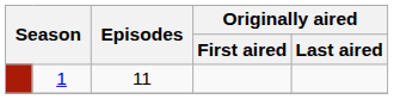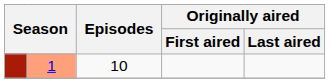 <table class="wikitable" style="text-align: center;">
 <tr>
 <th style="padding: 0 8px;" colspan="2" rowspan="2">Season</th>
 <th style="padding: 0 8px;" rowspan="2">Episodes</th>
 <th colspan="2">Originally aired</th>
 </tr>
 <tr>
 <th>First aired</th>
 <th>Last aired</th>
 </tr>
 <tr>
 <td style="background: #A81C07;"></td>
-<td><a href='#'>1</a></td>
-<td>11</td>
+<td style="background: lightsalmon;"><a href='#'>1</a></td>
+<td>10</td>
 <td style="padding: 0 8px;"></td>
 <td style="padding: 0 8px;"></td>
 </tr>
 <tr>
 </tr>
 </table>
